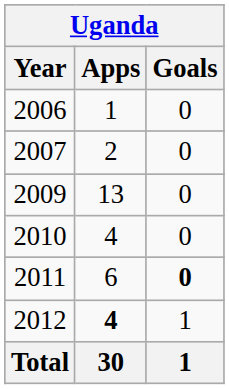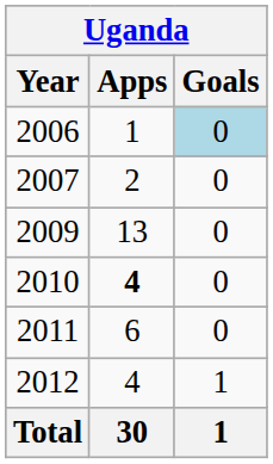 <table class="wikitable" style="text-align:center">
 <tr>
 <th colspan=3><a href='#'>Uganda</a></th>
 </tr>
 <tr>
 <th>Year</th>
 <th>Apps</th>
 <th>Goals</th>
 </tr>
 <tr>
 <td>2006</td>
 <td>1</td>
-<td>0</td>
+<td style="background: lightblue;">0</td>
 </tr>
 <tr>
 <td>2007</td>
 <td>2</td>
 <td>0</td>
 </tr>
 <tr>
 <td>2009</td>
 <td>13</td>
 <td>0</td>
 </tr>
 <tr>
 <td>2010</td>
-<td>4</td>
+<td><strong>4</strong></td>
 <td>0</td>
 </tr>
 <tr>
 <td>2011</td>
 <td>6</td>
-<td><strong>0</strong></td>
+<td>0</td>
 </tr>
 <tr>
 <td>2012</td>
-<td><strong>4</strong></td>
+<td>4</td>
 <td>1</td>
 </tr>
 <tr>
 <th>Total</th>
 <th>30</th>
 <th>1</th>
 </tr>
 </table>
